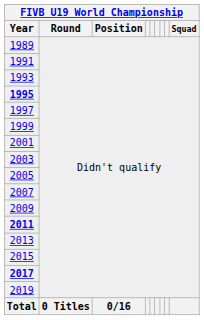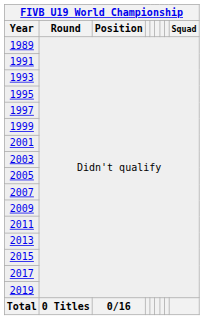 <table class="wikitable" style="text-align: center;">
 <tr>
 <th colspan=9><a href='#'>FIVB U19 World Championship</a></th>
 </tr>
 <tr>
 <th>Year</th>
 <th>Round</th>
 <th>Position</th>
 <th></th>
 <th></th>
 <th></th>
 <th></th>
 <th></th>
 <th><small>Squad</small></th>
 </tr>
 <tr bgcolor="efefef">
 <td> <a href='#'>1989</a></td>
 <td colspan=9 rowspan=16>Didn't qualify</td>
 </tr>
 <tr bgcolor="efefef">
 <td> <a href='#'>1991</a></td>
 </tr>
 <tr bgcolor="efefef">
 <td> <a href='#'>1993</a></td>
 </tr>
 <tr bgcolor="efefef">
-<td><strong> <a href='#'>1995</a></strong></td>
+<td> <a href='#'>1995</a></td>
 </tr>
 <tr bgcolor="efefef">
 <td> <a href='#'>1997</a></td>
 </tr>
 <tr bgcolor="efefef">
 <td> <a href='#'>1999</a></td>
 </tr>
 <tr bgcolor="efefef">
 <td> <a href='#'>2001</a></td>
 </tr>
 <tr bgcolor="efefef">
 <td> <a href='#'>2003</a></td>
 </tr>
 <tr bgcolor="efefef">
 <td> <a href='#'>2005</a></td>
 </tr>
 <tr bgcolor="efefef">
 <td> <a href='#'>2007</a></td>
 </tr>
 <tr bgcolor="efefef">
 <td> <a href='#'>2009</a></td>
 </tr>
 <tr bgcolor="efefef">
-<td><strong> <a href='#'>2011</a></strong></td>
+<td> <a href='#'>2011</a></td>
 </tr>
 <tr bgcolor="efefef">
 <td> <a href='#'>2013</a></td>
 </tr>
 <tr bgcolor="efefef">
 <td> <a href='#'>2015</a></td>
 </tr>
 <tr bgcolor="efefef">
-<td><strong> <a href='#'>2017</a></strong></td>
+<td> <a href='#'>2017</a></td>
 </tr>
 <tr bgcolor="efefef">
 <td> <a href='#'>2019</a></td>
 </tr>
 <tr>
 <th>Total</th>
 <th>0 Titles</th>
 <th>0/16</th>
 <th></th>
 <th></th>
 <th></th>
 <th></th>
 <th></th>
 <th></th>
 </tr>
 </table>
